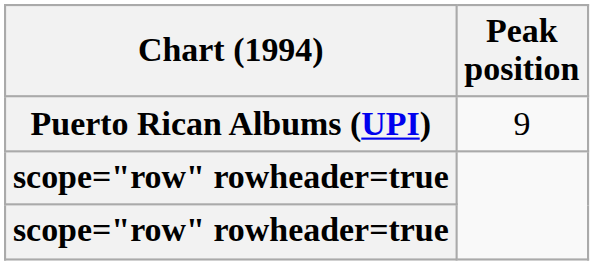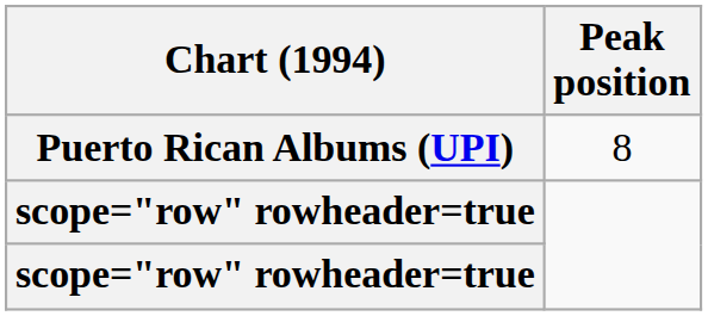 <table class="wikitable sortable plainrowheaders">
 <tr>
 <th>Chart (1994)</th>
 <th>Peak<br>position</th>
 </tr>
 <tr>
 <th scope="row">Puerto Rican Albums (<a href='#'>UPI</a>)</th>
-<td align="center">9</td>
+<td align="center">8</td>
 </tr>
 <tr>
 <th>scope="row" rowheader=true</th>
 </tr>
 <tr>
 <th>scope="row" rowheader=true</th>
 </tr>
 </table>
